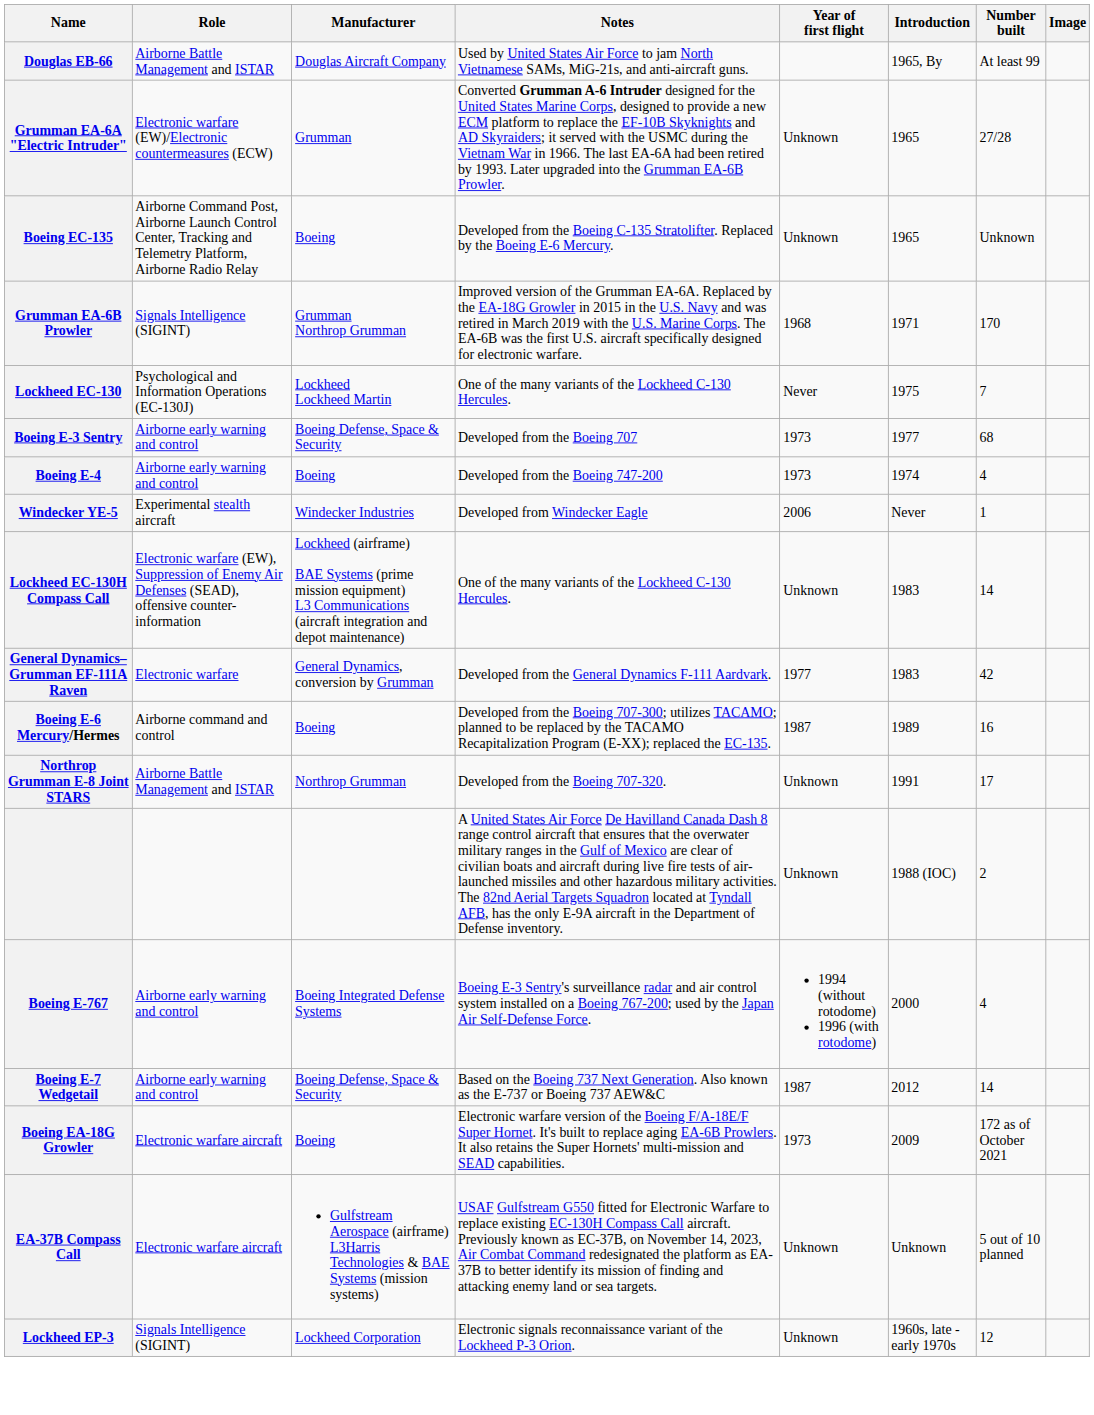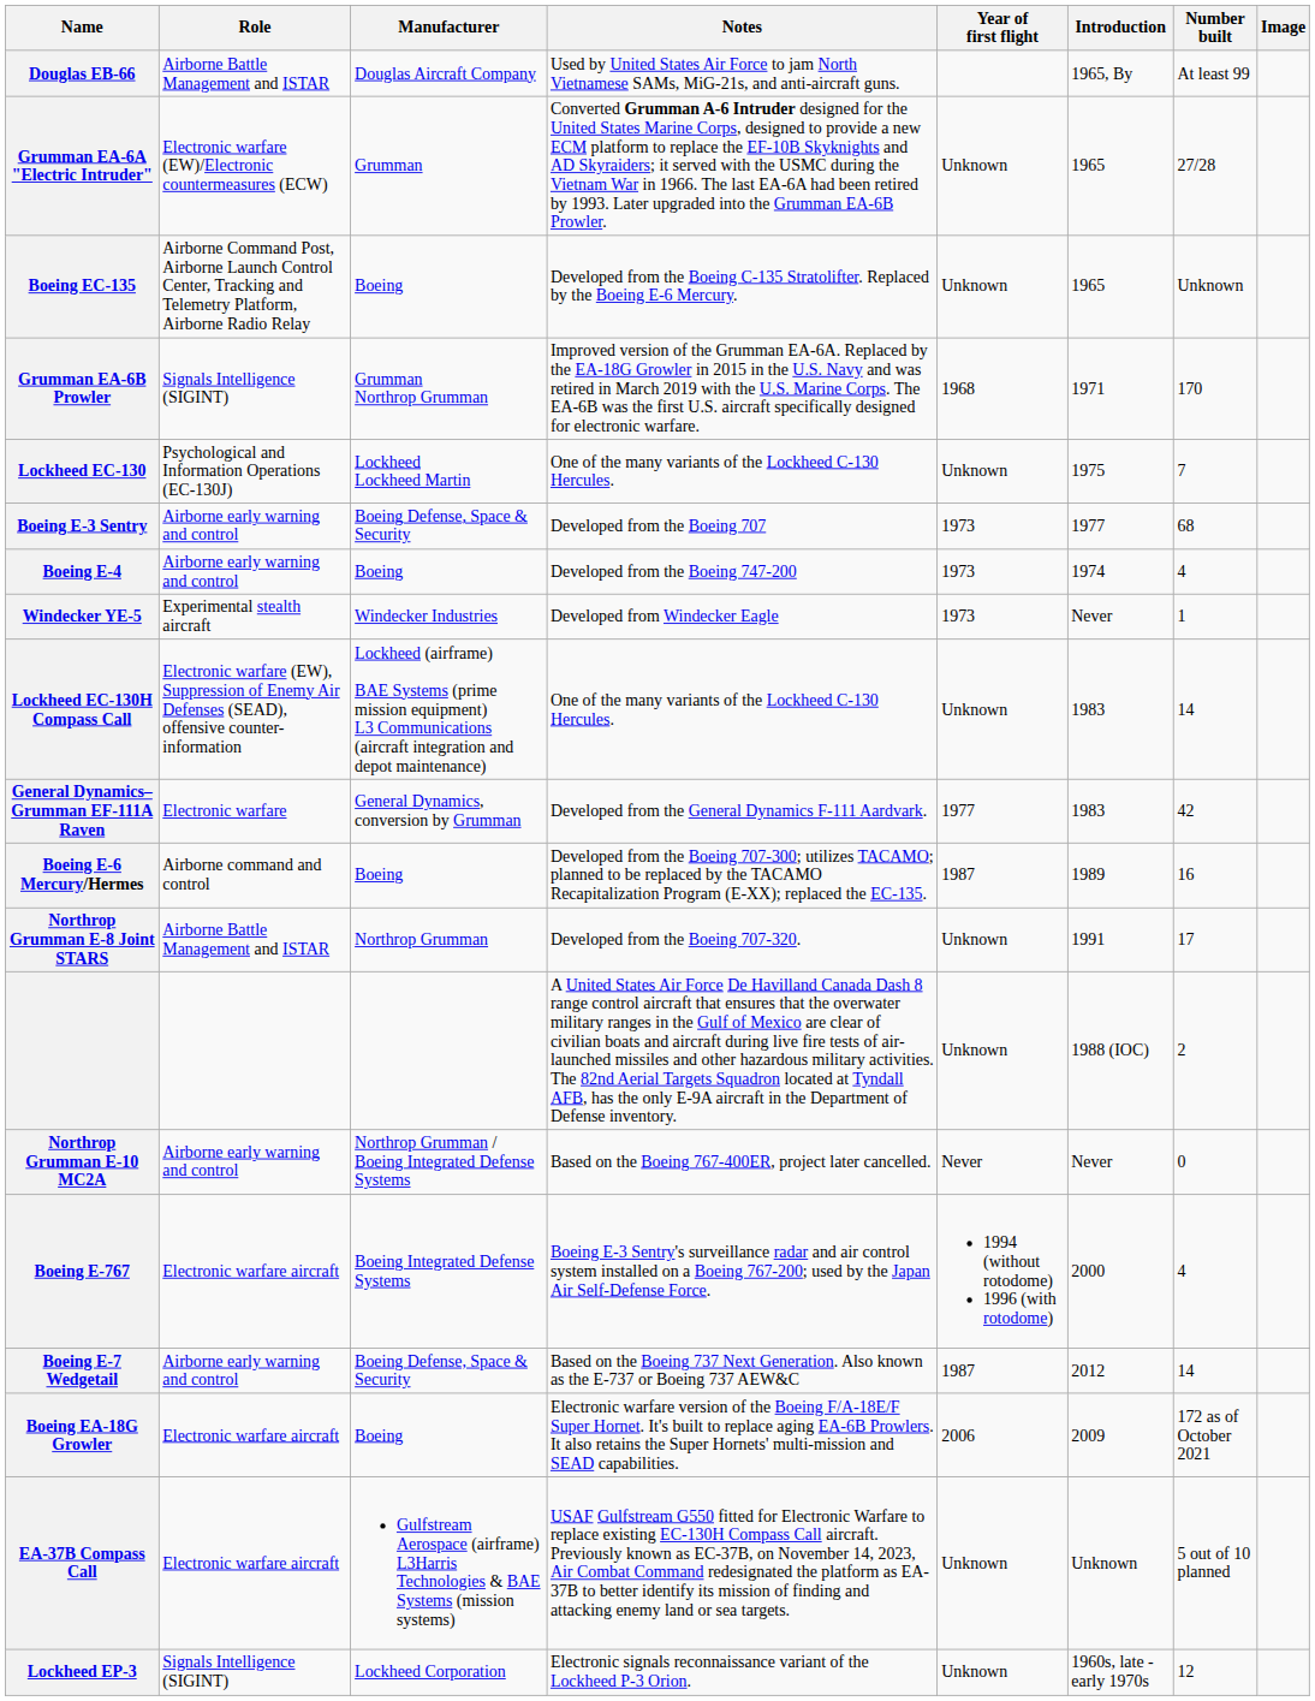 <table class="wikitable sortable">
 <tr>
 <th>Name</th>
 <th>Role</th>
 <th>Manufacturer</th>
 <th>Notes</th>
 <th>Year of<br>first flight</th>
 <th>Introduction</th>
 <th>Number built</th>
 <th>Image</th>
 </tr>
 <tr>
 <th><a href='#'>Douglas EB-66</a></th>
 <td><a href='#'>Airborne Battle Management</a> and <a href='#'>ISTAR</a></td>
 <td><a href='#'>Douglas Aircraft Company</a></td>
 <td>Used by <a href='#'>United States Air Force</a> to jam <a href='#'>North Vietnamese</a> SAMs, MiG-21s, and anti-aircraft guns.</td>
 <td></td>
 <td>1965, By</td>
 <td>At least 99</td>
 <td></td>
 </tr>
 <tr>
 <th><a href='#'>Grumman EA-6A "Electric Intruder"</a></th>
 <td><a href='#'>Electronic warfare</a> (EW)/<a href='#'>Electronic countermeasures</a> (ECW)</td>
 <td><a href='#'>Grumman</a></td>
 <td>Converted <strong>Grumman A-6 Intruder</strong> designed for the <a href='#'>United States Marine Corps</a>, designed to provide a new <a href='#'>ECM</a> platform to replace the <a href='#'>EF-10B Skyknights</a> and <a href='#'>AD Skyraiders</a>; it served with the USMC during the <a href='#'>Vietnam War</a> in 1966. The last EA-6A had been retired by 1993. Later upgraded into the <a href='#'>Grumman EA-6B Prowler</a>.</td>
 <td>Unknown</td>
 <td>1965</td>
 <td>27/28</td>
 <td></td>
 </tr>
 <tr>
 <th><a href='#'>Boeing EC-135</a></th>
 <td>Airborne Command Post, Airborne Launch Control Center, Tracking and Telemetry Platform, Airborne Radio Relay</td>
 <td><a href='#'>Boeing</a></td>
 <td>Developed from the <a href='#'>Boeing C-135 Stratolifter</a>. Replaced by the <a href='#'>Boeing E-6 Mercury</a>.</td>
 <td>Unknown</td>
 <td>1965</td>
 <td>Unknown</td>
 <td></td>
 </tr>
 <tr>
 <th><a href='#'>Grumman EA-6B Prowler</a></th>
 <td><a href='#'>Signals Intelligence</a> (SIGINT)</td>
 <td><a href='#'>Grumman</a><br><a href='#'>Northrop Grumman</a></td>
 <td>Improved version of the Grumman EA-6A. Replaced by the <a href='#'>EA-18G Growler</a> in 2015  in the <a href='#'>U.S. Navy</a> and was retired in March 2019 with the <a href='#'>U.S. Marine Corps</a>. The EA-6B was the first U.S. aircraft specifically designed for electronic warfare.</td>
 <td>1968</td>
 <td>1971</td>
 <td>170</td>
 <td></td>
 </tr>
 <tr>
 <th><a href='#'>Lockheed EC-130</a></th>
 <td>Psychological and Information Operations (EC-130J)</td>
 <td><a href='#'>Lockheed</a><br><a href='#'>Lockheed Martin</a></td>
 <td>One of the many variants of the <a href='#'>Lockheed C-130 Hercules</a>.</td>
-<td>Never</td>
+<td>Unknown</td>
 <td>1975</td>
 <td>7</td>
 <td></td>
 </tr>
 <tr>
 <th><a href='#'>Boeing E-3 Sentry</a></th>
 <td><a href='#'>Airborne early warning and control</a></td>
 <td><a href='#'>Boeing Defense, Space & Security</a></td>
 <td>Developed from the <a href='#'>Boeing 707</a></td>
 <td>1973</td>
 <td>1977</td>
 <td>68</td>
 <td></td>
 </tr>
 <tr>
 <th><a href='#'>Boeing E-4</a></th>
 <td><a href='#'>Airborne early warning and control</a></td>
 <td><a href='#'>Boeing</a></td>
 <td>Developed from the <a href='#'>Boeing 747-200</a></td>
 <td>1973</td>
 <td>1974</td>
 <td>4</td>
 <td></td>
 </tr>
 <tr>
 <th><a href='#'>Windecker YE-5</a></th>
 <td>Experimental <a href='#'>stealth</a> aircraft</td>
 <td><a href='#'>Windecker Industries</a></td>
 <td>Developed from <a href='#'>Windecker Eagle</a></td>
-<td>2006</td>
+<td>1973</td>
 <td>Never</td>
 <td>1</td>
 <td></td>
 </tr>
 <tr>
 <th><a href='#'>Lockheed EC-130H Compass Call</a></th>
 <td><a href='#'>Electronic warfare</a> (EW), <a href='#'>Suppression of Enemy Air Defenses</a> (SEAD), offensive counter-information</td>
 <td><a href='#'>Lockheed</a> (airframe)<br><br><a href='#'>BAE Systems</a> (prime mission equipment)<br> <a href='#'>L3 Communications</a> (aircraft integration and depot maintenance)</td>
 <td>One of the many variants of the <a href='#'>Lockheed C-130 Hercules</a>.</td>
 <td>Unknown</td>
 <td>1983</td>
 <td>14</td>
 <td></td>
 </tr>
 <tr>
 <th><a href='#'>General Dynamics–Grumman EF-111A Raven</a></th>
 <td><a href='#'>Electronic warfare</a></td>
 <td><a href='#'>General Dynamics</a>, conversion by <a href='#'>Grumman</a></td>
 <td>Developed from the <a href='#'>General Dynamics F-111 Aardvark</a>.</td>
 <td>1977</td>
 <td>1983</td>
 <td>42</td>
 <td></td>
 </tr>
 <tr>
 <th><a href='#'>Boeing E-6 Mercury</a>/Hermes</th>
 <td>Airborne command and control</td>
 <td><a href='#'>Boeing</a></td>
 <td>Developed from the <a href='#'>Boeing 707-300</a>; utilizes <a href='#'>TACAMO</a>; planned to be replaced by the  TACAMO Recapitalization Program (E-XX); replaced the <a href='#'>EC-135</a>.</td>
 <td>1987</td>
 <td>1989</td>
 <td>16</td>
 <td></td>
 </tr>
 <tr>
 <th><a href='#'>Northrop Grumman E-8 Joint STARS</a></th>
 <td><a href='#'>Airborne Battle Management</a> and <a href='#'>ISTAR</a></td>
 <td><a href='#'>Northrop Grumman</a></td>
 <td>Developed from the <a href='#'>Boeing 707-320</a>.</td>
 <td>Unknown</td>
 <td>1991</td>
 <td>17</td>
 <td></td>
 </tr>
 <tr>
 <th><br></th>
 <td></td>
 <td></td>
 <td>A <a href='#'>United States Air Force</a> <a href='#'>De Havilland Canada Dash 8</a> range control aircraft that ensures that the overwater military ranges in the <a href='#'>Gulf of Mexico</a> are clear of civilian boats and aircraft during live fire tests of air-launched missiles and other hazardous military activities. The <a href='#'>82nd Aerial Targets Squadron</a> located at <a href='#'>Tyndall AFB</a>, has the only E-9A aircraft in the Department of Defense inventory.</td>
 <td>Unknown</td>
 <td>1988 (IOC)</td>
 <td>2</td>
 <td></td>
 </tr>
 <tr>
+<th><a href='#'>Northrop Grumman E-10 MC2A</a></th>
+<td><a href='#'>Airborne early warning and control</a></td>
+<td><a href='#'>Northrop Grumman</a> / <a href='#'>Boeing Integrated Defense Systems</a></td>
+<td>Based on the <a href='#'>Boeing 767-400ER</a>, project later cancelled.</td>
+<td>Never</td>
+<td>Never</td>
+<td>0</td>
+<td></td>
+</tr>
+<tr>
 <th><a href='#'>Boeing E-767</a></th>
-<td><a href='#'>Airborne early warning and control</a></td>
+<td><a href='#'>Electronic warfare aircraft</a></td>
 <td><a href='#'>Boeing Integrated Defense Systems</a></td>
 <td><a href='#'>Boeing E-3 Sentry</a>'s surveillance <a href='#'>radar</a> and air control system installed on a <a href='#'>Boeing 767-200</a>; used by the <a href='#'>Japan Air Self-Defense Force</a>.</td>
 <td><br><ul><li>1994 (without rotodome)</li><li>1996 (with <a href='#'>rotodome</a>)</li></ul></td>
 <td>2000</td>
 <td>4</td>
 <td></td>
 </tr>
 <tr>
 <th><a href='#'>Boeing E-7 Wedgetail</a></th>
 <td><a href='#'>Airborne early warning and control</a></td>
 <td><a href='#'>Boeing Defense, Space & Security</a></td>
 <td>Based on the <a href='#'>Boeing 737 Next Generation</a>. Also known as the E-737 or  Boeing 737 AEW&C</td>
 <td>1987</td>
 <td>2012</td>
 <td>14</td>
 <td></td>
 </tr>
 <tr>
 <th><a href='#'>Boeing EA-18G Growler</a></th>
 <td><a href='#'>Electronic warfare aircraft</a></td>
 <td><a href='#'>Boeing</a></td>
 <td>Electronic warfare version of the <a href='#'>Boeing F/A-18E/F Super Hornet</a>. It's built to replace aging <a href='#'>EA-6B Prowlers</a>. It also retains the Super Hornets' multi-mission and <a href='#'>SEAD</a> capabilities.</td>
-<td>1973</td>
+<td>2006</td>
 <td>2009</td>
 <td>172 as of October 2021</td>
 <td></td>
 </tr>
 <tr>
 <th><a href='#'>EA-37B Compass Call</a></th>
 <td><a href='#'>Electronic warfare aircraft</a></td>
 <td><br><ul><li><a href='#'>Gulfstream Aerospace</a> (airframe) <a href='#'>L3Harris Technologies</a> & <a href='#'>BAE Systems</a> (mission systems)</li></ul></td>
 <td><a href='#'>USAF</a> <a href='#'>Gulfstream G550</a> fitted for Electronic Warfare to replace existing <a href='#'>EC-130H Compass Call</a> aircraft. Previously known as EC-37B, on November 14, 2023, <a href='#'>Air Combat Command</a> redesignated the platform as EA-37B to better identify its mission of finding and attacking enemy land or sea targets.</td>
 <td>Unknown</td>
 <td>Unknown</td>
 <td>5 out of 10 planned</td>
 <td></td>
 </tr>
 <tr>
 <th><a href='#'>Lockheed EP-3</a></th>
 <td><a href='#'>Signals Intelligence</a> (SIGINT)</td>
 <td><a href='#'>Lockheed Corporation</a></td>
 <td>Electronic signals reconnaissance variant of the <a href='#'>Lockheed P-3 Orion</a>.</td>
 <td>Unknown</td>
 <td>1960s, late -early 1970s</td>
 <td>12</td>
 <td></td>
 </tr>
 </table>
